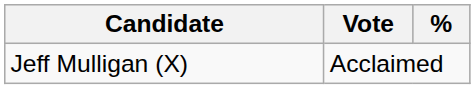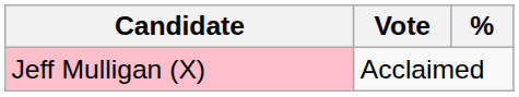 <table class="wikitable">
 <tr>
 <th bgcolor="#DDDDFF" width="200px">Candidate</th>
 <th bgcolor="#DDDDFF" width="50px">Vote</th>
 <th bgcolor="#DDDDFF" width="30px">%</th>
 </tr>
 <tr>
-<td>Jeff Mulligan (X)</td>
+<td style="background: pink;">Jeff Mulligan (X)</td>
 <td colspan="2">Acclaimed</td>
 </tr>
 </table>
